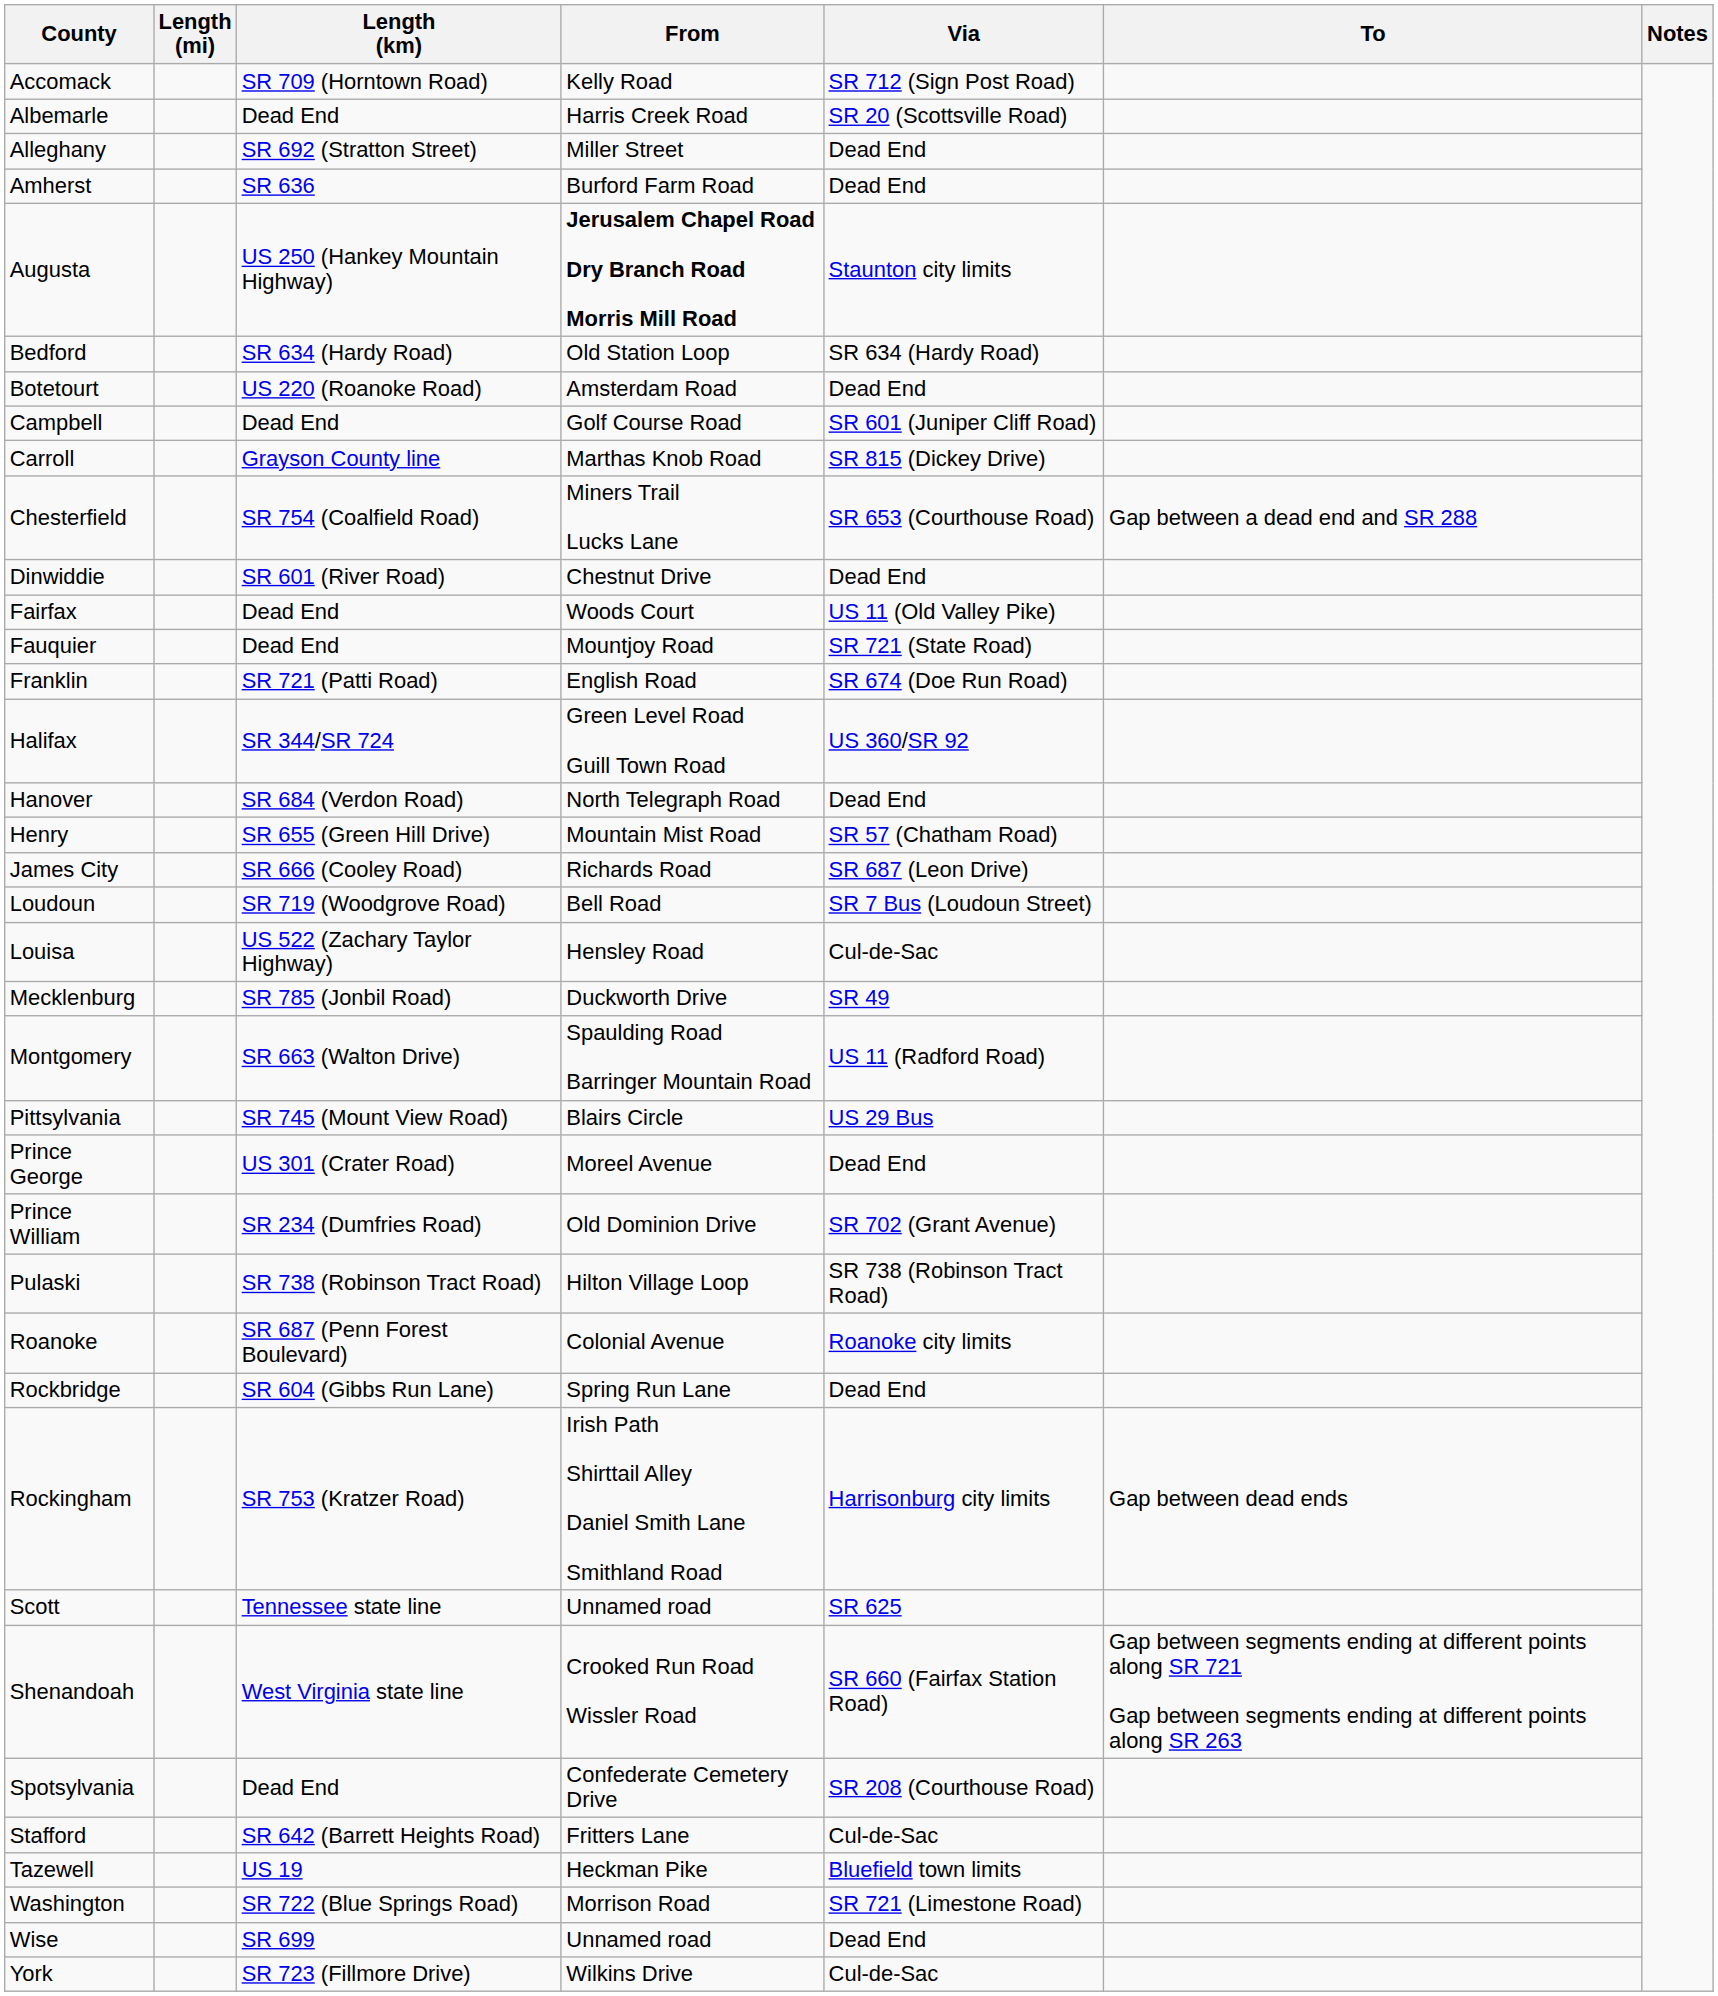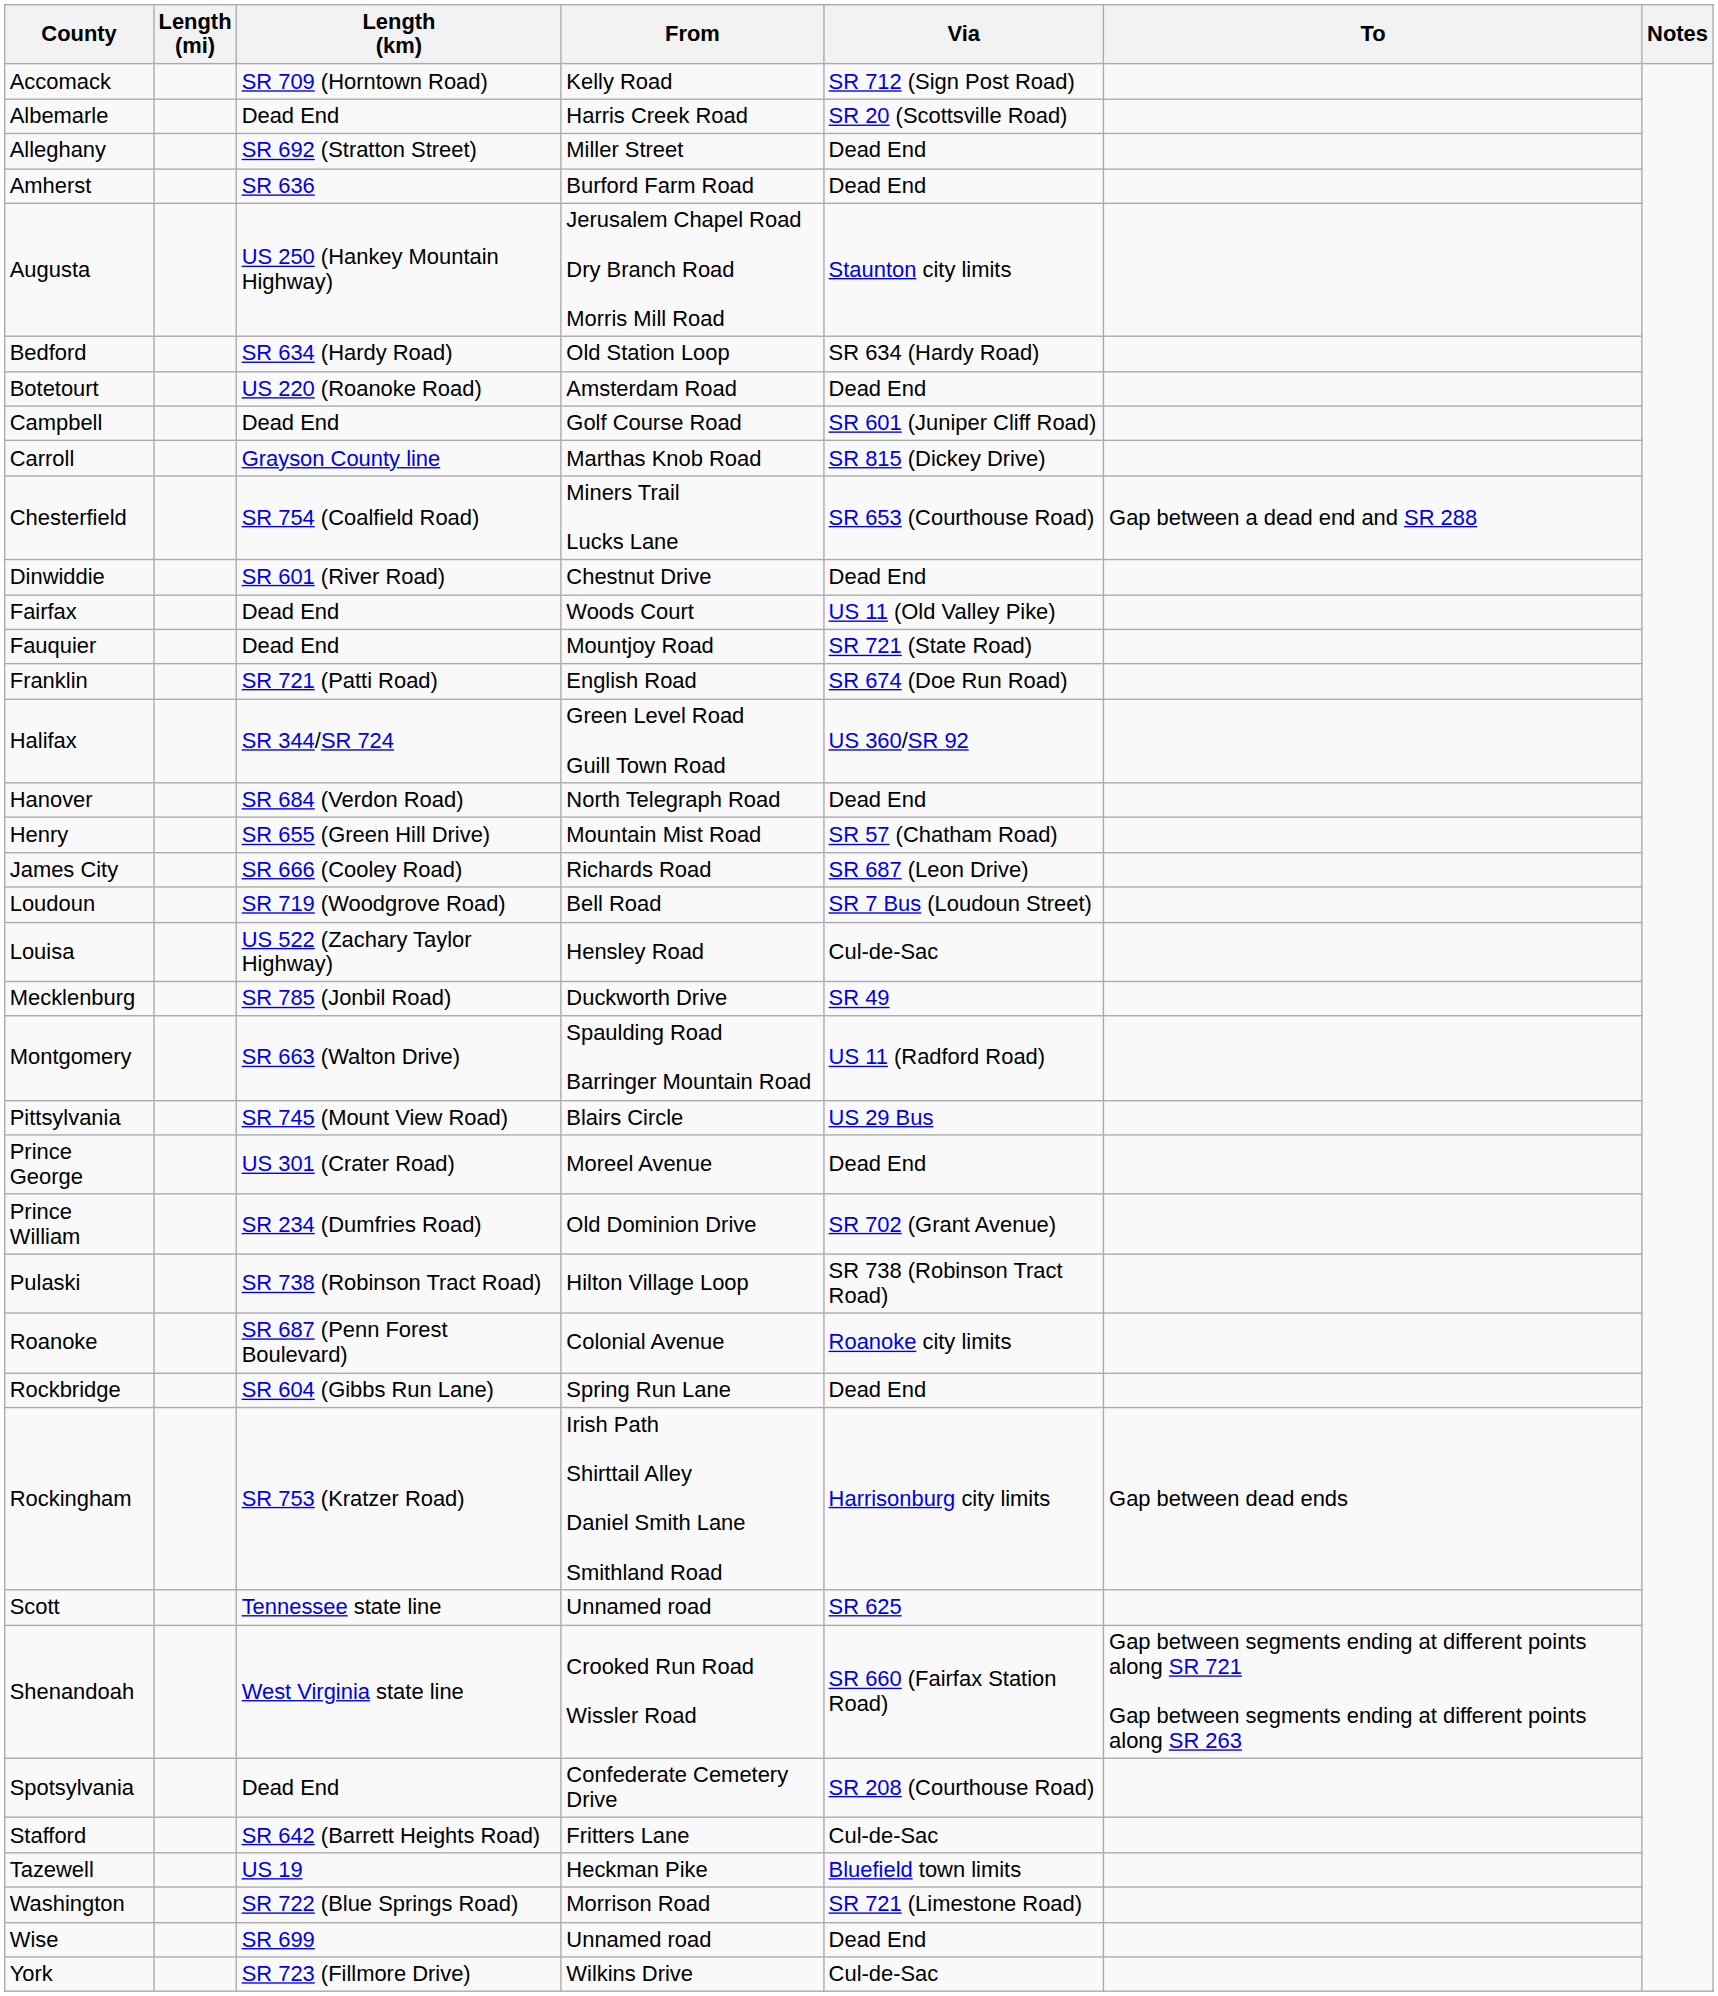 <table class="wikitable sortable">
 <tr>
 <th>County</th>
 <th>Length<br>(mi)</th>
 <th>Length<br>(km)</th>
 <th class="unsortable">From</th>
 <th class="unsortable">Via</th>
 <th class="unsortable">To</th>
 <th class="unsortable">Notes</th>
 </tr>
 <tr>
 <td id="Accomack">Accomack</td>
 <td></td>
 <td><a href='#'>SR 709</a> (Horntown Road)</td>
 <td>Kelly Road</td>
 <td><a href='#'>SR 712</a> (Sign Post Road)</td>
 <td></td>
 </tr>
 <tr>
 <td id="Albemarle">Albemarle</td>
 <td></td>
 <td>Dead End</td>
 <td>Harris Creek Road</td>
 <td><a href='#'>SR 20</a> (Scottsville Road)</td>
 <td></td>
 </tr>
 <tr>
 <td id="Alleghany">Alleghany</td>
 <td></td>
 <td><a href='#'>SR 692</a> (Stratton Street)</td>
 <td>Miller Street</td>
 <td>Dead End</td>
 <td><br></td>
 </tr>
 <tr>
 <td id="Amherst">Amherst</td>
 <td></td>
 <td><a href='#'>SR 636</a></td>
 <td>Burford Farm Road</td>
 <td>Dead End</td>
 <td><br> </td>
 </tr>
 <tr>
 <td id="Augusta">Augusta</td>
 <td></td>
 <td><a href='#'>US 250</a> (Hankey Mountain Highway)</td>
-<td><strong>Jerusalem Chapel Road<br><br>Dry Branch Road<br><br>Morris Mill Road</strong></td>
+<td>Jerusalem Chapel Road<br><br>Dry Branch Road<br><br>Morris Mill Road</td>
 <td><a href='#'>Staunton</a> city limits</td>
 <td><br></td>
 </tr>
 <tr>
 <td id="Bedford">Bedford</td>
 <td></td>
 <td><a href='#'>SR 634</a> (Hardy Road)</td>
 <td>Old Station Loop</td>
 <td>SR 634 (Hardy Road)</td>
 <td><br></td>
 </tr>
 <tr>
 <td id="Botetourt">Botetourt</td>
 <td></td>
 <td><a href='#'>US 220</a> (Roanoke Road)</td>
 <td>Amsterdam Road</td>
 <td>Dead End</td>
 <td><br>  </td>
 </tr>
 <tr>
 <td id="Campbell">Campbell</td>
 <td></td>
 <td>Dead End</td>
 <td>Golf Course Road</td>
 <td><a href='#'>SR 601</a> (Juniper Cliff Road)</td>
 <td><br></td>
 </tr>
 <tr>
 <td id="Carroll">Carroll</td>
 <td></td>
 <td><a href='#'>Grayson County line</a></td>
 <td>Marthas Knob Road</td>
 <td><a href='#'>SR 815</a> (Dickey Drive)</td>
 <td><br> </td>
 </tr>
 <tr>
 <td id="Chesterfield">Chesterfield</td>
 <td></td>
 <td><a href='#'>SR 754</a> (Coalfield Road)</td>
 <td>Miners Trail<br><br>Lucks Lane</td>
 <td><a href='#'>SR 653</a> (Courthouse Road)</td>
 <td>Gap between a dead end and <a href='#'>SR 288</a><br>    </td>
 </tr>
 <tr>
 <td id="Dinwiddie">Dinwiddie</td>
 <td></td>
 <td><a href='#'>SR 601</a> (River Road)</td>
 <td>Chestnut Drive</td>
 <td>Dead End</td>
 <td><br></td>
 </tr>
 <tr>
 <td id="Fairfax">Fairfax</td>
 <td></td>
 <td>Dead End</td>
 <td>Woods Court</td>
 <td><a href='#'>US 11</a> (Old Valley Pike)</td>
 <td></td>
 </tr>
 <tr>
 <td id="Fauquier">Fauquier</td>
 <td></td>
 <td>Dead End</td>
 <td>Mountjoy Road</td>
 <td><a href='#'>SR 721</a> (State Road)</td>
 <td><br> </td>
 </tr>
 <tr>
 <td id="Franklin">Franklin</td>
 <td></td>
 <td><a href='#'>SR 721</a> (Patti Road)</td>
 <td>English Road</td>
 <td><a href='#'>SR 674</a> (Doe Run Road)</td>
 <td><br>      </td>
 </tr>
 <tr>
 <td id="Halifax">Halifax</td>
 <td></td>
 <td><a href='#'>SR 344</a>/<a href='#'>SR 724</a></td>
 <td>Green Level Road<br><br>Guill Town Road</td>
 <td><a href='#'>US 360</a>/<a href='#'>SR 92</a></td>
 <td></td>
 </tr>
 <tr>
 <td id="Hanover">Hanover</td>
 <td></td>
 <td><a href='#'>SR 684</a> (Verdon Road)</td>
 <td>North Telegraph Road</td>
 <td>Dead End</td>
 <td><br></td>
 </tr>
 <tr>
 <td id="Henry">Henry</td>
 <td></td>
 <td><a href='#'>SR 655</a> (Green Hill Drive)</td>
 <td>Mountain Mist Road</td>
 <td><a href='#'>SR 57</a> (Chatham Road)</td>
 <td><br> </td>
 </tr>
 <tr>
 <td id="James City">James City</td>
 <td></td>
 <td><a href='#'>SR 666</a> (Cooley Road)</td>
 <td>Richards Road</td>
 <td><a href='#'>SR 687</a> (Leon Drive)</td>
 <td><br>    </td>
 </tr>
 <tr>
 <td id="Loudoun">Loudoun</td>
 <td></td>
 <td><a href='#'>SR 719</a> (Woodgrove Road)</td>
 <td>Bell Road</td>
 <td><a href='#'>SR 7 Bus</a> (Loudoun Street)</td>
 <td></td>
 </tr>
 <tr>
 <td id="Louisa">Louisa</td>
 <td></td>
 <td><a href='#'>US 522</a> (Zachary Taylor Highway)</td>
 <td>Hensley Road</td>
 <td>Cul-de-Sac</td>
 <td><br>  </td>
 </tr>
 <tr>
 <td id="Mecklenburg">Mecklenburg</td>
 <td></td>
 <td><a href='#'>SR 785</a> (Jonbil Road)</td>
 <td>Duckworth Drive</td>
 <td><a href='#'>SR 49</a></td>
 <td><br></td>
 </tr>
 <tr>
 <td id="Montgomery">Montgomery</td>
 <td></td>
 <td><a href='#'>SR 663</a> (Walton Drive)</td>
 <td>Spaulding Road<br><br>Barringer Mountain Road</td>
 <td><a href='#'>US 11</a> (Radford Road)</td>
 <td><br>       </td>
 </tr>
 <tr>
 <td id="Pittsylvania">Pittsylvania</td>
 <td></td>
 <td><a href='#'>SR 745</a> (Mount View Road)</td>
 <td>Blairs Circle</td>
 <td><a href='#'>US 29 Bus</a></td>
 <td><br> </td>
 </tr>
 <tr>
 <td id="Prince George">Prince George</td>
 <td></td>
 <td><a href='#'>US 301</a> (Crater Road)</td>
 <td>Moreel Avenue</td>
 <td>Dead End</td>
 <td></td>
 </tr>
 <tr>
 <td id="Prince William">Prince William</td>
 <td></td>
 <td><a href='#'>SR 234</a> (Dumfries Road)</td>
 <td>Old Dominion Drive</td>
 <td><a href='#'>SR 702</a> (Grant Avenue)</td>
 <td></td>
 </tr>
 <tr>
 <td id="Pulaski">Pulaski</td>
 <td></td>
 <td><a href='#'>SR 738</a> (Robinson Tract Road)</td>
 <td>Hilton Village Loop</td>
 <td>SR 738 (Robinson Tract Road)</td>
 <td><br> </td>
 </tr>
 <tr>
 <td id="Roanoke">Roanoke</td>
 <td></td>
 <td><a href='#'>SR 687</a> (Penn Forest Boulevard)</td>
 <td>Colonial Avenue</td>
 <td><a href='#'>Roanoke</a> city limits</td>
 <td></td>
 </tr>
 <tr>
 <td id="Rockbridge">Rockbridge</td>
 <td></td>
 <td><a href='#'>SR 604</a> (Gibbs Run Lane)</td>
 <td>Spring Run Lane</td>
 <td>Dead End</td>
 <td></td>
 </tr>
 <tr>
 <td id="Rockingham">Rockingham</td>
 <td></td>
 <td><a href='#'>SR 753</a> (Kratzer Road)</td>
 <td>Irish Path<br><br>Shirttail Alley<br><br>Daniel Smith Lane<br><br>Smithland Road</td>
 <td><a href='#'>Harrisonburg</a> city limits</td>
 <td>Gap between dead ends<br></td>
 </tr>
 <tr>
 <td id="Scott">Scott</td>
 <td></td>
 <td><a href='#'>Tennessee</a> state line</td>
 <td>Unnamed road</td>
 <td><a href='#'>SR 625</a></td>
 <td></td>
 </tr>
 <tr>
 <td id="Shenandoah">Shenandoah</td>
 <td></td>
 <td><a href='#'>West Virginia</a> state line</td>
 <td>Crooked Run Road<br><br>Wissler Road</td>
 <td><a href='#'>SR 660</a> (Fairfax Station Road)</td>
 <td>Gap between segments ending at different points along <a href='#'>SR 721</a><br><br>Gap between segments ending at different points along <a href='#'>SR 263</a><br> </td>
 </tr>
 <tr>
 <td id="Spotsylvania">Spotsylvania</td>
 <td></td>
 <td>Dead End</td>
 <td>Confederate Cemetery Drive</td>
 <td><a href='#'>SR 208</a> (Courthouse Road)</td>
 <td></td>
 </tr>
 <tr>
 <td id="Stafford">Stafford</td>
 <td></td>
 <td><a href='#'>SR 642</a> (Barrett Heights Road)</td>
 <td>Fritters Lane</td>
 <td>Cul-de-Sac</td>
 <td><br> </td>
 </tr>
 <tr>
 <td id="Tazewell">Tazewell</td>
 <td></td>
 <td><a href='#'>US 19</a></td>
 <td>Heckman Pike</td>
 <td><a href='#'>Bluefield</a> town limits</td>
 <td><br></td>
 </tr>
 <tr>
 <td id="Washington">Washington</td>
 <td></td>
 <td><a href='#'>SR 722</a> (Blue Springs Road)</td>
 <td>Morrison Road</td>
 <td><a href='#'>SR 721</a> (Limestone Road)</td>
 <td><br></td>
 </tr>
 <tr>
 <td id="Wise">Wise</td>
 <td></td>
 <td><a href='#'>SR 699</a></td>
 <td>Unnamed road</td>
 <td>Dead End</td>
 <td><br></td>
 </tr>
 <tr>
 <td id="York">York</td>
 <td></td>
 <td><a href='#'>SR 723</a> (Fillmore Drive)</td>
 <td>Wilkins Drive</td>
 <td>Cul-de-Sac</td>
 <td></td>
 </tr>
 </table>
